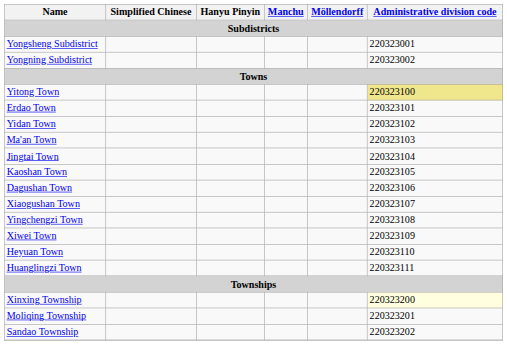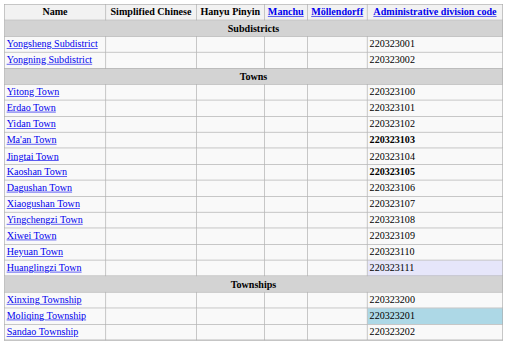 <table class="wikitable" align="center" style="width:50%; border="1">
 <tr>
 <th>Name</th>
 <th>Simplified Chinese</th>
 <th>Hanyu Pinyin</th>
 <th><a href='#'>Manchu</a></th>
 <th><a href='#'>Möllendorff</a></th>
 <th><a href='#'>Administrative division code</a></th>
 </tr>
 <tr>
 <td colspan="6"  style="text-align:center; background:#d3d3d3;"><strong>Subdistricts</strong></td>
 </tr>
 <tr --------->
 <td><a href='#'>Yongsheng Subdistrict</a></td>
 <td></td>
 <td></td>
 <td></td>
 <td></td>
 <td>220323001</td>
 </tr>
 <tr>
 <td><a href='#'>Yongning Subdistrict</a></td>
 <td></td>
 <td></td>
 <td></td>
 <td></td>
 <td>220323002</td>
 </tr>
 <tr>
 <td colspan="6"  style="text-align:center; background:#d3d3d3;"><strong>Towns</strong></td>
 </tr>
 <tr --------->
 <td><a href='#'>Yitong Town</a></td>
 <td></td>
 <td></td>
 <td></td>
 <td></td>
-<td style="background: khaki;">220323100</td>
+<td>220323100</td>
 </tr>
 <tr>
 <td><a href='#'>Erdao Town</a></td>
 <td></td>
 <td></td>
 <td></td>
 <td></td>
 <td>220323101</td>
 </tr>
 <tr>
 <td><a href='#'>Yidan Town</a></td>
 <td></td>
 <td></td>
 <td></td>
 <td></td>
 <td>220323102</td>
 </tr>
 <tr>
 <td><a href='#'>Ma'an Town</a></td>
 <td></td>
 <td></td>
 <td></td>
 <td></td>
-<td>220323103</td>
+<td><strong>220323103</strong></td>
 </tr>
 <tr>
 <td><a href='#'>Jingtai Town</a></td>
 <td></td>
 <td></td>
 <td></td>
 <td></td>
 <td>220323104</td>
 </tr>
 <tr>
 <td><a href='#'>Kaoshan Town</a></td>
 <td></td>
 <td></td>
 <td></td>
 <td></td>
-<td>220323105</td>
+<td><strong>220323105</strong></td>
 </tr>
 <tr>
 <td><a href='#'>Dagushan Town</a></td>
 <td></td>
 <td></td>
 <td></td>
 <td></td>
 <td>220323106</td>
 </tr>
 <tr>
 <td><a href='#'>Xiaogushan Town</a></td>
 <td></td>
 <td></td>
 <td></td>
 <td></td>
 <td>220323107</td>
 </tr>
 <tr>
 <td><a href='#'>Yingchengzi Town</a></td>
 <td></td>
 <td></td>
 <td></td>
 <td></td>
 <td>220323108</td>
 </tr>
 <tr>
 <td><a href='#'>Xiwei Town</a></td>
 <td></td>
 <td></td>
 <td></td>
 <td></td>
 <td>220323109</td>
 </tr>
 <tr>
 <td><a href='#'>Heyuan Town</a></td>
 <td></td>
 <td></td>
 <td></td>
 <td></td>
 <td>220323110</td>
 </tr>
 <tr>
 <td><a href='#'>Huanglingzi Town</a></td>
 <td></td>
 <td></td>
 <td></td>
 <td></td>
-<td>220323111</td>
+<td style="background: lavender;">220323111</td>
 </tr>
 <tr>
 <td colspan="6"  style="text-align:center; background:#d3d3d3;"><strong>Townships</strong></td>
 </tr>
 <tr --------->
 <td><a href='#'>Xinxing Township</a></td>
 <td></td>
 <td></td>
 <td></td>
 <td></td>
-<td style="background: lightyellow;">220323200</td>
+<td>220323200</td>
 </tr>
 <tr>
 <td><a href='#'>Moliqing Township</a></td>
 <td></td>
 <td></td>
 <td></td>
 <td></td>
-<td>220323201</td>
+<td style="background: lightblue;">220323201</td>
 </tr>
 <tr>
 <td><a href='#'>Sandao Township</a></td>
 <td></td>
 <td></td>
 <td></td>
 <td></td>
 <td>220323202</td>
 </tr>
 <tr>
 </tr>
 </table>
